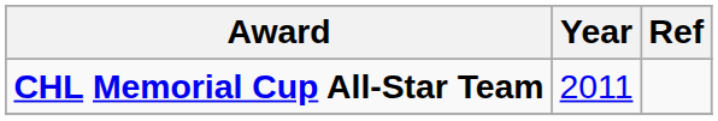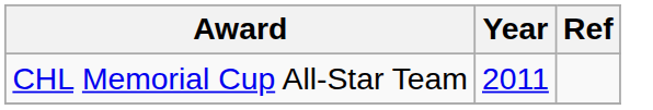 <table class="wikitable">
 <tr>
 <th>Award</th>
 <th>Year</th>
 <th>Ref</th>
 </tr>
 <tr>
-<td><strong><a href='#'>CHL</a> <a href='#'>Memorial Cup</a> All-Star Team</strong></td>
+<td><a href='#'>CHL</a> <a href='#'>Memorial Cup</a> All-Star Team</td>
 <td><a href='#'>2011</a></td>
 <td></td>
 </tr>
 <tr>
 </tr>
 </table>
